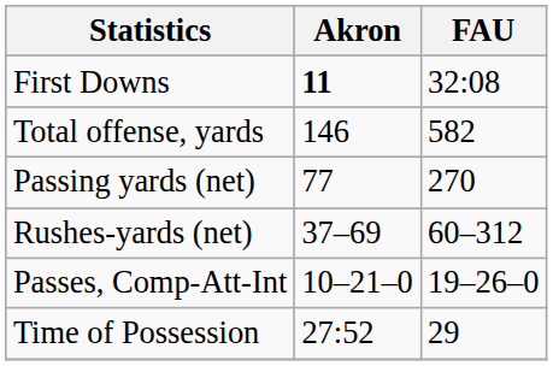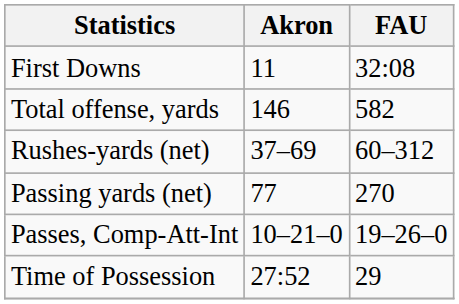 <table class="wikitable">
 <tr>
 <th>Statistics</th>
 <th>Akron</th>
 <th>FAU</th>
 </tr>
 <tr>
 <td>First Downs</td>
-<td><strong>11</strong></td>
+<td>11</td>
 <td>32:08</td>
 </tr>
 <tr>
 <td>Total offense, yards</td>
 <td>146</td>
 <td>582</td>
 </tr>
 <tr>
+<td>Rushes-yards (net)</td>
+<td>37–69</td>
+<td>60–312</td>
+</tr>
+<tr>
 <td>Passing yards (net)</td>
 <td>77</td>
 <td>270</td>
-</tr>
-<tr>
-<td>Rushes-yards (net)</td>
-<td>37–69</td>
-<td>60–312</td>
 </tr>
 <tr>
 <td>Passes, Comp-Att-Int</td>
 <td>10–21–0</td>
 <td>19–26–0</td>
 </tr>
 <tr>
 <td>Time of Possession</td>
 <td>27:52</td>
 <td>29</td>
 </tr>
 <tr>
 </tr>
 </table>
